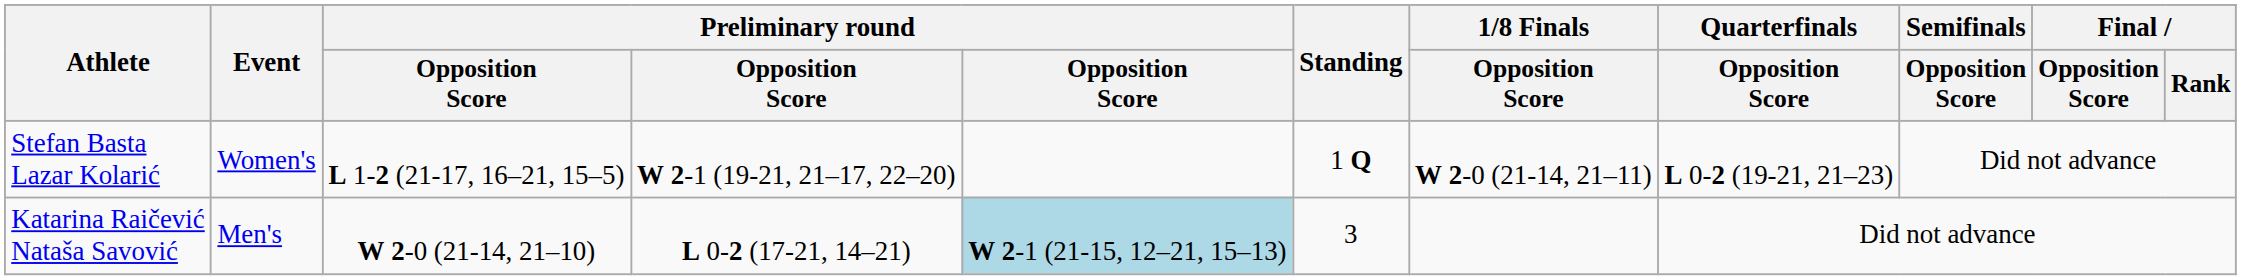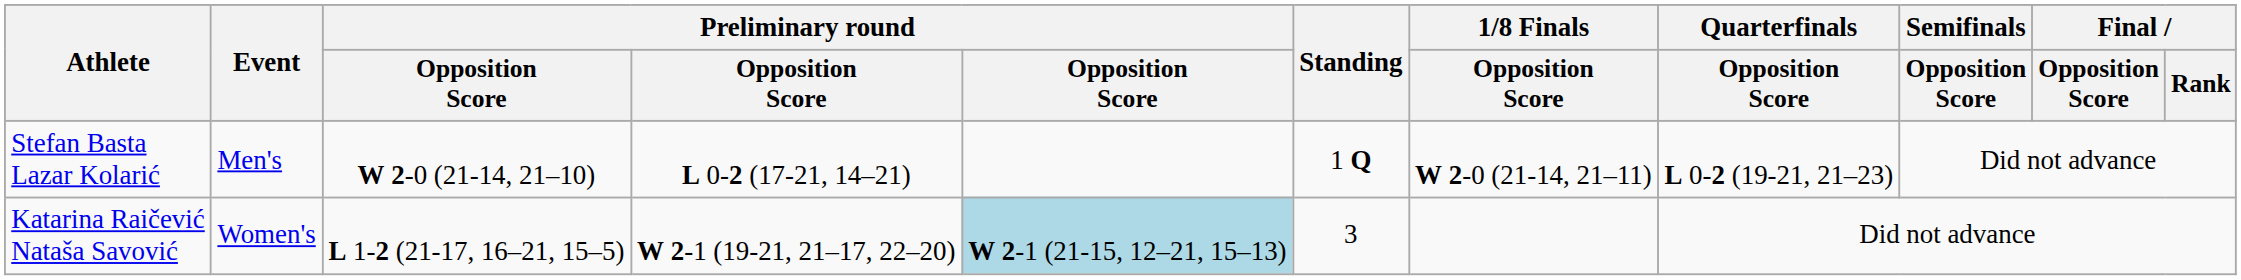 <table class=wikitable style="font-size:90%">
 <tr>
 <th rowspan=2>Athlete</th>
 <th rowspan=2>Event</th>
 <th colspan=3>Preliminary round</th>
 <th rowspan=2>Standing</th>
 <th>1/8 Finals</th>
 <th>Quarterfinals</th>
 <th>Semifinals</th>
 <th colspan=2>Final / </th>
 </tr>
 <tr style="font-size:95%">
 <th>Opposition<br>Score</th>
 <th>Opposition<br>Score</th>
 <th>Opposition<br>Score</th>
 <th>Opposition<br>Score</th>
 <th>Opposition<br>Score</th>
 <th>Opposition<br>Score</th>
 <th>Opposition<br>Score</th>
 <th>Rank</th>
 </tr>
 <tr align=center>
 <td align=left><a href='#'>Stefan Basta</a><br><a href='#'>Lazar Kolarić</a></td>
-<td align=left><a href='#'>Women's</a></td>
-<td><br><strong>L</strong> 1-<strong>2</strong> (21-17, 16–21, 15–5)</td>
-<td><br><strong>W</strong> <strong>2</strong>-1 (19-21, 21–17, 22–20)</td>
+<td align=left><a href='#'>Men's</a></td>
+<td><br><strong>W</strong> <strong>2</strong>-0 (21-14, 21–10)</td>
+<td><br><strong>L</strong> 0-<strong>2</strong> (17-21, 14–21)</td>
 <td></td>
 <td>1 <strong>Q</strong></td>
 <td><br><strong>W</strong> <strong>2</strong>-0 (21-14, 21–11)</td>
 <td><br><strong>L</strong> 0-<strong>2</strong> (19-21, 21–23)</td>
 <td colspan=3>Did not advance</td>
 </tr>
 <tr align=center>
 <td align=left><a href='#'>Katarina Raičević</a><br><a href='#'>Nataša Savović</a></td>
-<td align=left><a href='#'>Men's</a></td>
-<td><br><strong>W</strong> <strong>2</strong>-0 (21-14, 21–10)</td>
-<td><br><strong>L</strong> 0-<strong>2</strong> (17-21, 14–21)</td>
+<td align=left><a href='#'>Women's</a></td>
+<td><br><strong>L</strong> 1-<strong>2</strong> (21-17, 16–21, 15–5)</td>
+<td><br><strong>W</strong> <strong>2</strong>-1 (19-21, 21–17, 22–20)</td>
 <td style="background: lightblue;"><br><strong>W</strong> <strong>2</strong>-1 (21-15, 12–21, 15–13)</td>
 <td>3</td>
 <td></td>
 <td colspan=4>Did not advance</td>
 </tr>
 </table>
